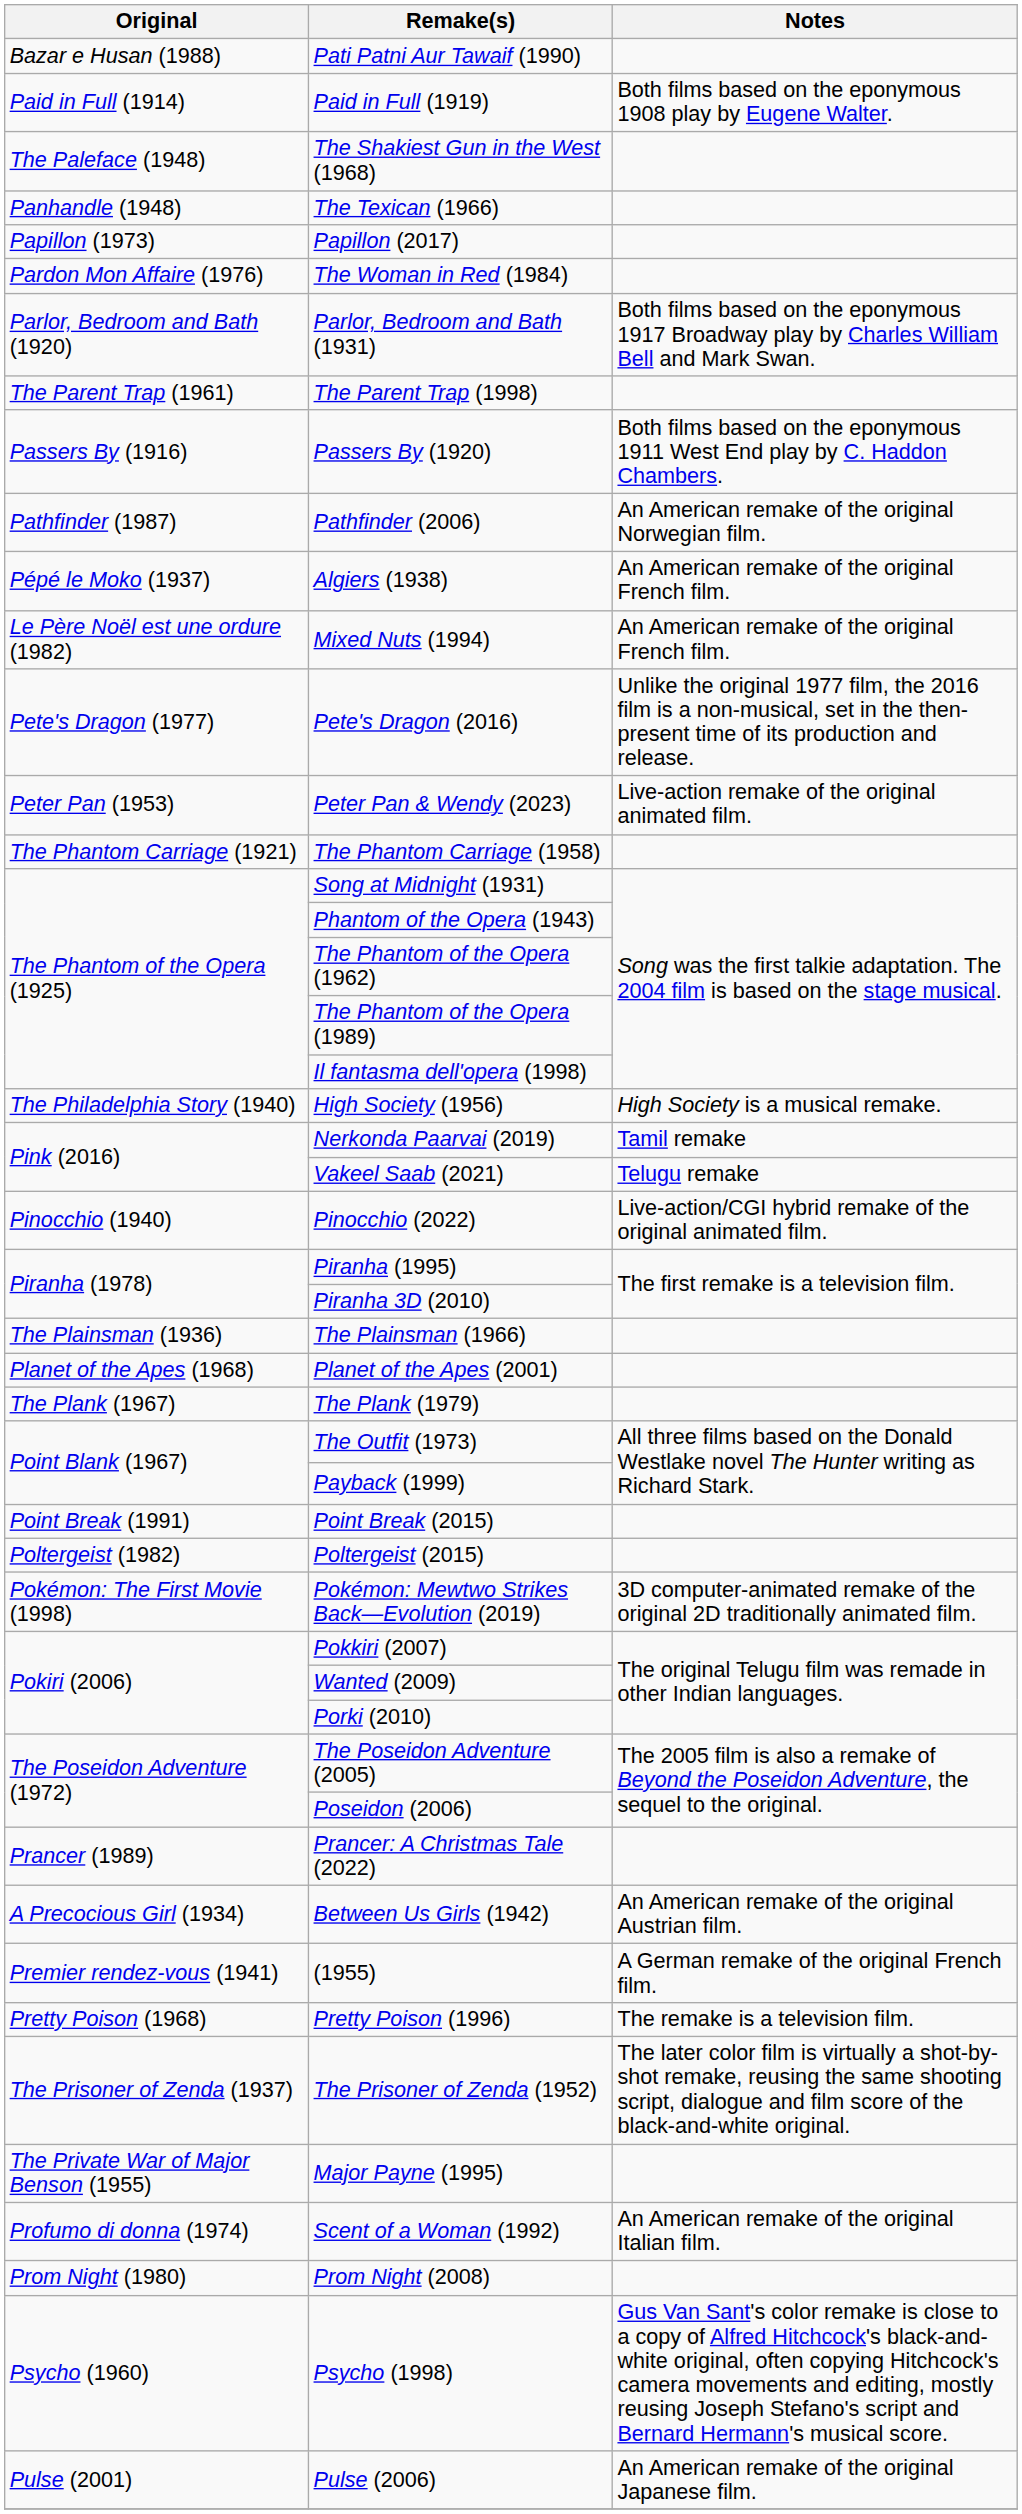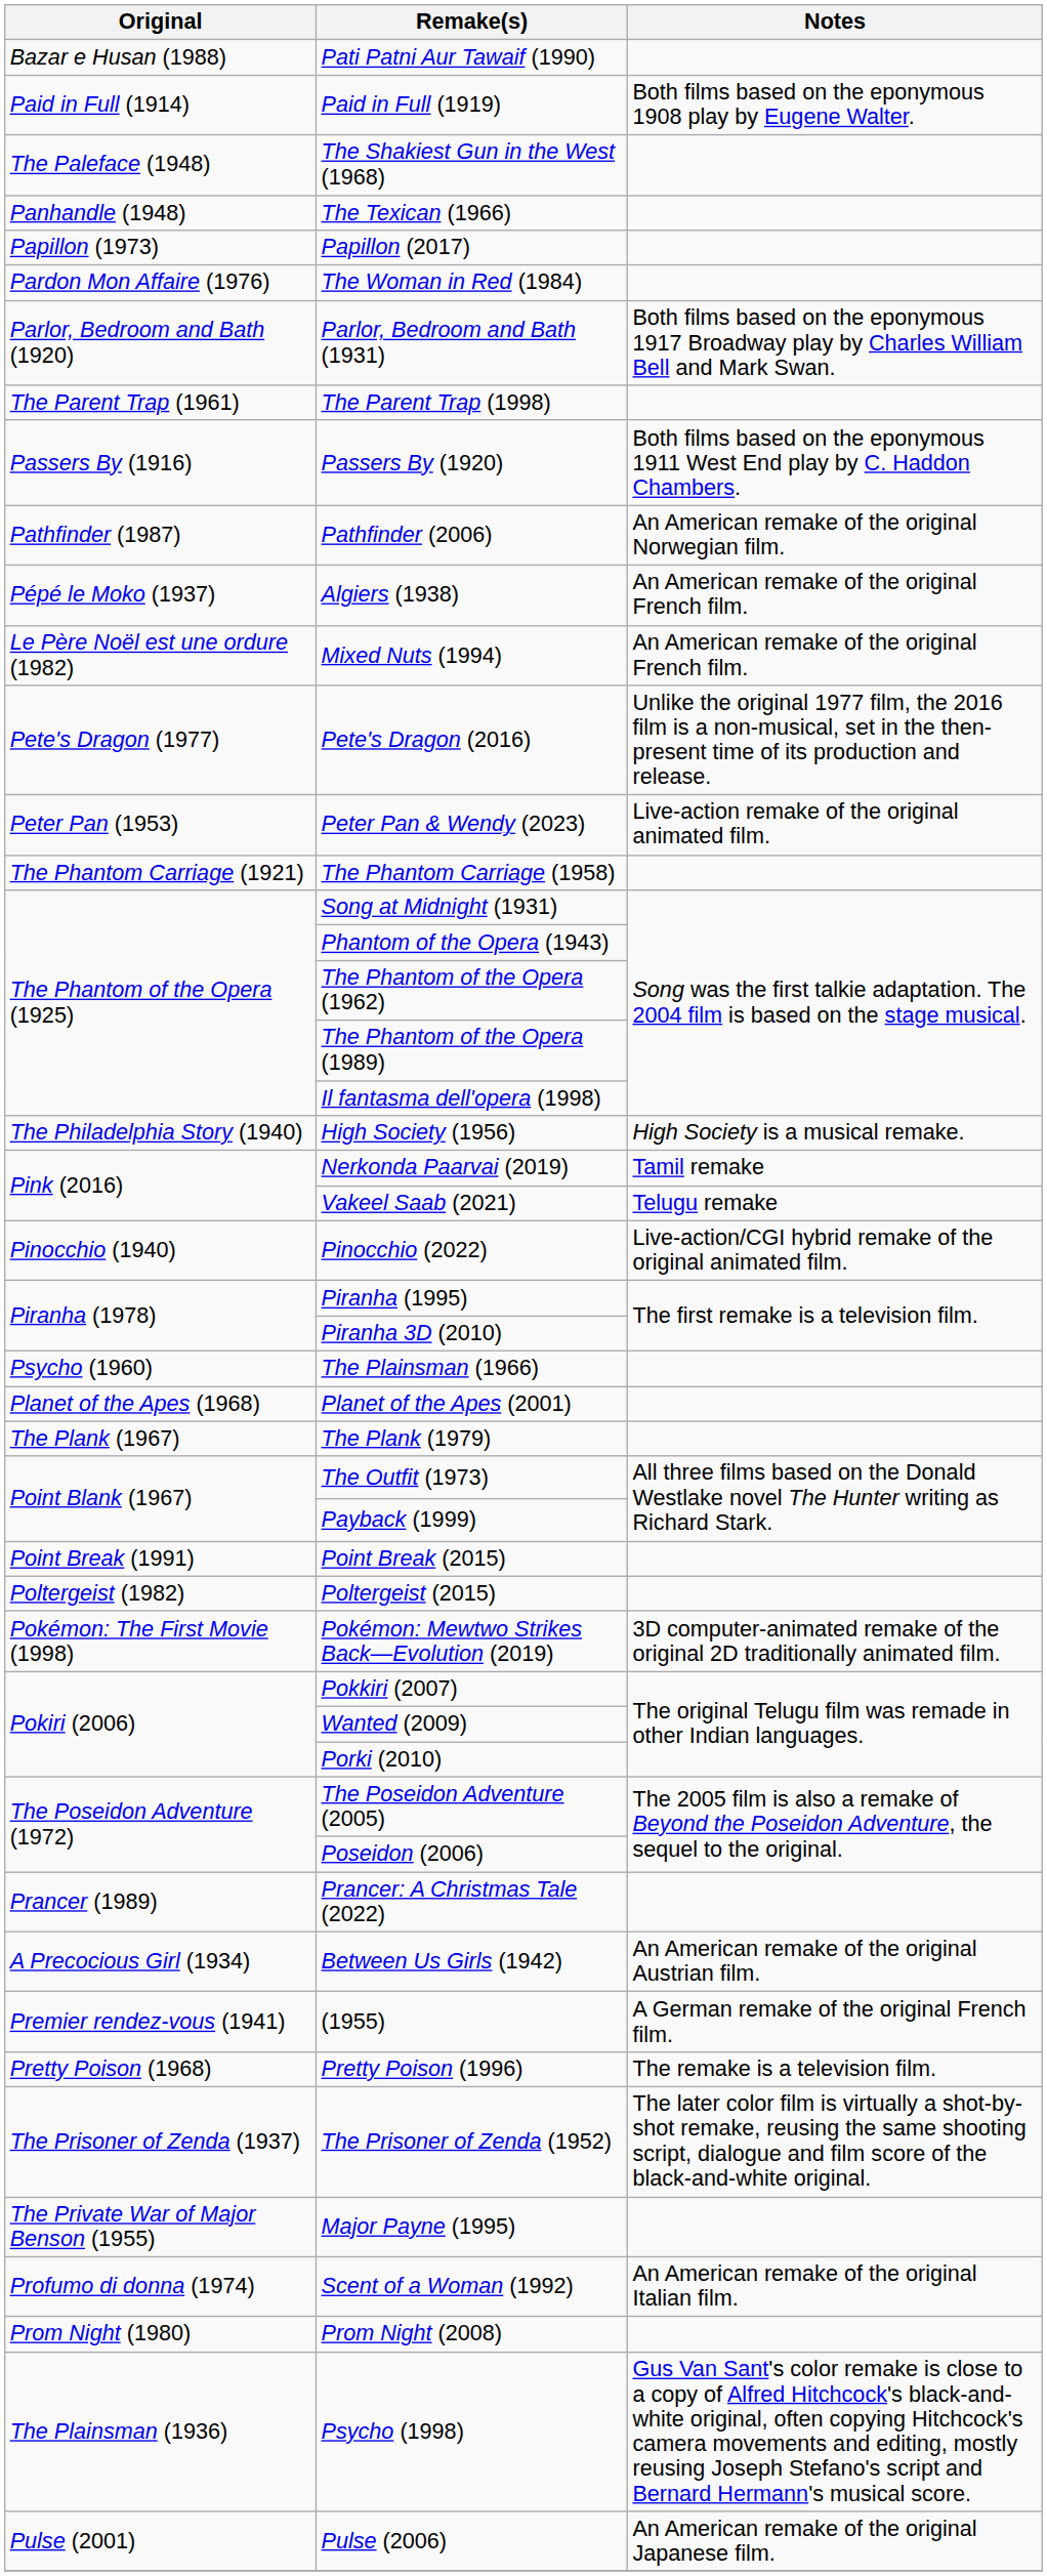 <table class="wikitable" style="width:85%">
 <tr>
 <th style="width:30%">Original</th>
 <th style="width:30%">Remake(s)</th>
 <th>Notes</th>
 </tr>
 <tr>
 <td><em>Bazar e Husan</em> (1988)</td>
 <td><em><a href='#'>Pati Patni Aur Tawaif</a></em> (1990)</td>
 <td></td>
 </tr>
 <tr>
 <td><em><a href='#'>Paid in Full</a></em> (1914)</td>
 <td><em><a href='#'>Paid in Full</a></em> (1919)</td>
 <td>Both films based on the eponymous 1908 play by <a href='#'>Eugene Walter</a>.</td>
 </tr>
 <tr>
 <td><em><a href='#'>The Paleface</a></em> (1948)</td>
 <td><em><a href='#'>The Shakiest Gun in the West</a></em> (1968)</td>
 <td></td>
 </tr>
 <tr>
 <td><em><a href='#'>Panhandle</a></em> (1948)</td>
 <td><em><a href='#'>The Texican</a></em> (1966)</td>
 <td></td>
 </tr>
 <tr>
 <td><em><a href='#'>Papillon</a></em> (1973)</td>
 <td><em><a href='#'>Papillon</a></em> (2017)</td>
 <td></td>
 </tr>
 <tr>
 <td><em><a href='#'>Pardon Mon Affaire</a></em> (1976)</td>
 <td><em><a href='#'>The Woman in Red</a></em> (1984)</td>
 <td></td>
 </tr>
 <tr>
 <td><em><a href='#'>Parlor, Bedroom and Bath</a></em> (1920)</td>
 <td><em><a href='#'>Parlor, Bedroom and Bath</a></em> (1931)</td>
 <td>Both films based on the eponymous 1917 Broadway play by <a href='#'>Charles William Bell</a> and Mark Swan.</td>
 </tr>
 <tr>
 <td><em><a href='#'>The Parent Trap</a></em> (1961)</td>
 <td><em><a href='#'>The Parent Trap</a></em> (1998)</td>
 <td></td>
 </tr>
 <tr>
 <td><em><a href='#'>Passers By</a></em> (1916)</td>
 <td><em><a href='#'>Passers By</a></em> (1920)</td>
 <td>Both films based on the eponymous 1911 West End play by <a href='#'>C. Haddon Chambers</a>.</td>
 </tr>
 <tr>
 <td><em><a href='#'>Pathfinder</a></em> (1987)</td>
 <td><em><a href='#'>Pathfinder</a></em> (2006)</td>
 <td>An American remake of the original Norwegian film.</td>
 </tr>
 <tr>
 <td><em><a href='#'>Pépé le Moko</a></em> (1937)</td>
 <td><em><a href='#'>Algiers</a></em> (1938)</td>
 <td>An American remake of the original French film.</td>
 </tr>
 <tr>
 <td><em><a href='#'>Le Père Noël est une ordure</a></em> (1982)</td>
 <td><em><a href='#'>Mixed Nuts</a></em> (1994)</td>
 <td>An American remake of the original French film.</td>
 </tr>
 <tr>
 <td><em><a href='#'>Pete's Dragon</a></em> (1977)</td>
 <td><em><a href='#'>Pete's Dragon</a></em> (2016)</td>
 <td>Unlike the original 1977 film, the 2016 film is a non-musical, set in the then-present time of its production and release.</td>
 </tr>
 <tr>
 <td><em><a href='#'>Peter Pan</a></em> (1953)</td>
 <td><em><a href='#'>Peter Pan & Wendy</a></em> (2023)</td>
 <td>Live-action remake of the original animated film.</td>
 </tr>
 <tr>
 <td><em><a href='#'>The Phantom Carriage</a></em> (1921)</td>
 <td><em><a href='#'>The Phantom Carriage</a></em> (1958)</td>
 <td></td>
 </tr>
 <tr>
 <td rowspan="5"><em><a href='#'>The Phantom of the Opera</a></em> (1925)</td>
 <td><em><a href='#'>Song at Midnight</a></em> (1931)</td>
 <td rowspan="5"><em>Song</em> was the first talkie adaptation. The <a href='#'>2004 film</a> is based on the <a href='#'>stage musical</a>.</td>
 </tr>
 <tr>
 <td><em><a href='#'>Phantom of the Opera</a></em> (1943)</td>
 </tr>
 <tr>
 <td><em><a href='#'>The Phantom of the Opera</a></em> (1962)</td>
 </tr>
 <tr>
 <td><em><a href='#'>The Phantom of the Opera</a></em> (1989)</td>
 </tr>
 <tr>
 <td><em><a href='#'>Il fantasma dell'opera</a></em> (1998)</td>
 </tr>
 <tr>
 <td><em><a href='#'>The Philadelphia Story</a></em> (1940)</td>
 <td><em><a href='#'>High Society</a></em> (1956)</td>
 <td><em>High Society</em> is a musical remake.</td>
 </tr>
 <tr>
 <td rowspan="2"><em><a href='#'>Pink</a></em> (2016)</td>
 <td><em><a href='#'>Nerkonda Paarvai</a></em> (2019)</td>
 <td><a href='#'>Tamil</a> remake</td>
 </tr>
 <tr>
 <td><em><a href='#'>Vakeel Saab</a></em> (2021)</td>
 <td><a href='#'>Telugu</a> remake</td>
 </tr>
 <tr>
 <td><em><a href='#'>Pinocchio</a></em> (1940)</td>
 <td><em><a href='#'>Pinocchio</a></em> (2022)</td>
 <td>Live-action/CGI hybrid remake of the original animated film.</td>
 </tr>
 <tr>
 <td rowspan="2"><em><a href='#'>Piranha</a></em> (1978)</td>
 <td><em><a href='#'>Piranha</a></em> (1995)</td>
 <td rowspan="2">The first remake is a television film.</td>
 </tr>
 <tr>
 <td><em><a href='#'>Piranha 3D</a></em> (2010)</td>
 </tr>
 <tr>
-<td><em><a href='#'>The Plainsman</a></em> (1936)</td>
+<td><em><a href='#'>Psycho</a></em> (1960)</td>
 <td><em><a href='#'>The Plainsman</a></em> (1966)</td>
 <td></td>
 </tr>
 <tr>
 <td><em><a href='#'>Planet of the Apes</a></em> (1968)</td>
 <td><em><a href='#'>Planet of the Apes</a></em> (2001)</td>
 <td></td>
 </tr>
 <tr>
 <td><em><a href='#'>The Plank</a></em> (1967)</td>
 <td><em><a href='#'>The Plank</a></em> (1979)</td>
 <td></td>
 </tr>
 <tr>
 <td rowspan="2"><em><a href='#'>Point Blank</a></em> (1967)</td>
 <td><em><a href='#'>The Outfit</a></em> (1973)</td>
 <td rowspan="2">All three films based on the Donald Westlake novel <em>The Hunter</em> writing as Richard Stark.</td>
 </tr>
 <tr>
 <td><em><a href='#'>Payback</a></em> (1999)</td>
 </tr>
 <tr>
 <td><em><a href='#'>Point Break</a></em> (1991)</td>
 <td><em><a href='#'>Point Break</a></em> (2015)</td>
 <td></td>
 </tr>
 <tr>
 <td><em><a href='#'>Poltergeist</a></em> (1982)</td>
 <td><em><a href='#'>Poltergeist</a></em> (2015)</td>
 <td></td>
 </tr>
 <tr>
 <td><em><a href='#'>Pokémon: The First Movie</a></em> (1998)</td>
 <td><em><a href='#'>Pokémon: Mewtwo Strikes Back—Evolution</a></em> (2019)</td>
 <td>3D computer-animated remake of the original 2D traditionally animated film.</td>
 </tr>
 <tr>
 <td rowspan="3"><em><a href='#'>Pokiri</a></em> (2006)</td>
 <td><em><a href='#'>Pokkiri</a></em> (2007)</td>
 <td rowspan="3">The original Telugu film was remade in other Indian languages.</td>
 </tr>
 <tr>
 <td><em><a href='#'>Wanted</a></em> (2009)</td>
 </tr>
 <tr>
 <td><em><a href='#'>Porki</a></em> (2010)</td>
 </tr>
 <tr>
 <td rowspan="2"><em><a href='#'>The Poseidon Adventure</a></em> (1972)</td>
 <td><em><a href='#'>The Poseidon Adventure</a></em> (2005)</td>
 <td rowspan="2">The 2005 film is also a remake of <em><a href='#'>Beyond the Poseidon Adventure</a></em>, the sequel to the original.</td>
 </tr>
 <tr>
 <td><em><a href='#'>Poseidon</a></em> (2006)</td>
 </tr>
 <tr>
 <td><em><a href='#'>Prancer</a></em> (1989)</td>
 <td><em><a href='#'>Prancer: A Christmas Tale</a></em> (2022)</td>
 <td></td>
 </tr>
 <tr>
 <td><em><a href='#'>A Precocious Girl</a></em> (1934)</td>
 <td><em><a href='#'>Between Us Girls</a></em> (1942)</td>
 <td>An American remake of the original Austrian film.</td>
 </tr>
 <tr>
 <td><em><a href='#'>Premier rendez-vous</a></em> (1941)</td>
 <td><em></em> (1955)</td>
 <td>A German remake of the original French film.</td>
 </tr>
 <tr>
 <td><em><a href='#'>Pretty Poison</a></em> (1968)</td>
 <td><em><a href='#'>Pretty Poison</a></em> (1996)</td>
 <td>The remake is a television film.</td>
 </tr>
 <tr>
 <td><em><a href='#'>The Prisoner of Zenda</a></em> (1937)</td>
 <td><em><a href='#'>The Prisoner of Zenda</a></em> (1952)</td>
 <td>The later color film is virtually a shot-by-shot remake, reusing the same shooting script, dialogue and film score of the black-and-white original.</td>
 </tr>
 <tr>
 <td><em><a href='#'>The Private War of Major Benson</a></em> (1955)</td>
 <td><em><a href='#'>Major Payne</a></em> (1995)</td>
 <td></td>
 </tr>
 <tr>
 <td><em><a href='#'>Profumo di donna</a></em> (1974)</td>
 <td><em><a href='#'>Scent of a Woman</a></em> (1992)</td>
 <td>An American remake of the original Italian film.</td>
 </tr>
 <tr>
 <td><em><a href='#'>Prom Night</a></em> (1980)</td>
 <td><em><a href='#'>Prom Night</a></em> (2008)</td>
 <td></td>
 </tr>
 <tr>
-<td><em><a href='#'>Psycho</a></em> (1960)</td>
+<td><em><a href='#'>The Plainsman</a></em> (1936)</td>
 <td><em><a href='#'>Psycho</a></em> (1998)</td>
 <td><a href='#'>Gus Van Sant</a>'s color remake is close to a copy of <a href='#'>Alfred Hitchcock</a>'s black-and-white original, often copying Hitchcock's camera movements and editing, mostly reusing Joseph Stefano's script and <a href='#'>Bernard Hermann</a>'s musical score.</td>
 </tr>
 <tr>
 <td><em><a href='#'>Pulse</a></em> (2001)</td>
 <td><em><a href='#'>Pulse</a></em> (2006)</td>
 <td>An American remake of the original Japanese film.</td>
 </tr>
 <tr>
 </tr>
 </table>
